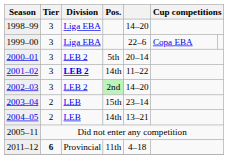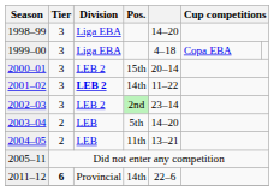 <table class="wikitable" style="font-size:85%; text-align:center">
 <tr>
 <th>Season</th>
 <th>Tier</th>
 <th>Division</th>
 <th>Pos.</th>
 <th></th>
 <th colspan=2>Cup competitions</th>
 </tr>
 <tr>
 <td bgcolor=#efefef>1998–99</td>
 <td>3</td>
 <td align=left><a href='#'>Liga EBA</a></td>
 <td></td>
 <td>14–20</td>
 <td colspan=2></td>
 </tr>
 <tr>
 <td bgcolor=#efefef>1999–00</td>
 <td>3</td>
 <td align=left><a href='#'>Liga EBA</a></td>
 <td></td>
-<td>22–6</td>
+<td>4–18</td>
 <td align=left><a href='#'>Copa EBA</a></td>
 <td></td>
 </tr>
 <tr>
 <td bgcolor=#efefef><a href='#'>2000–01</a></td>
 <td>3</td>
 <td align=left><a href='#'>LEB 2</a></td>
-<td>5th</td>
+<td>15th</td>
 <td>20–14</td>
 <td colspan=2></td>
 </tr>
 <tr>
 <td bgcolor=#efefef><a href='#'>2001–02</a></td>
 <td>3</td>
 <td align=left><strong><a href='#'>LEB 2</a></strong></td>
 <td>14th</td>
 <td>11–22</td>
 <td colspan=2></td>
 </tr>
 <tr>
 <td bgcolor=#efefef><a href='#'>2002–03</a></td>
 <td>3</td>
 <td align=left><a href='#'>LEB 2</a></td>
 <td bgcolor=#BBF3BB>2nd</td>
-<td>14–20</td>
+<td>23–14</td>
 <td colspan=2></td>
 </tr>
 <tr>
 <td bgcolor=#efefef><a href='#'>2003–04</a></td>
 <td>2</td>
 <td align=left><a href='#'>LEB</a></td>
-<td>15th</td>
-<td>23–14</td>
+<td>5th</td>
+<td>14–20</td>
 <td colspan=2></td>
 </tr>
 <tr>
 <td bgcolor=#efefef><a href='#'>2004–05</a></td>
 <td>2</td>
 <td align=left><a href='#'>LEB</a></td>
-<td>14th</td>
+<td>11th</td>
 <td>13–21</td>
 <td colspan=2></td>
 </tr>
 <tr>
 <td bgcolor=#efefef>2005–11</td>
 <td colspan=9 align=center>Did not enter any competition</td>
 </tr>
 <tr>
 <td bgcolor=#efefef>2011–12</td>
 <td><strong>6</strong></td>
 <td align=left>Provincial</td>
-<td>11th</td>
-<td>4–18</td>
+<td>14th</td>
+<td>22–6</td>
 <td colspan=2></td>
 </tr>
 <tr>
 </tr>
 </table>
